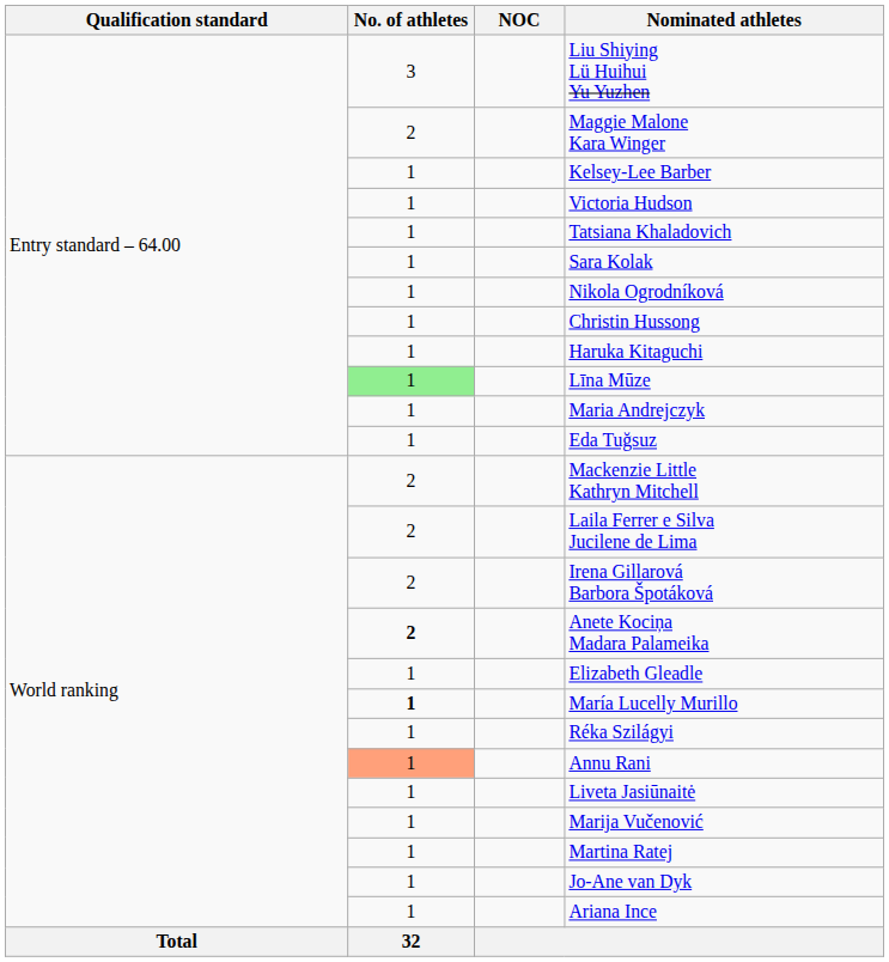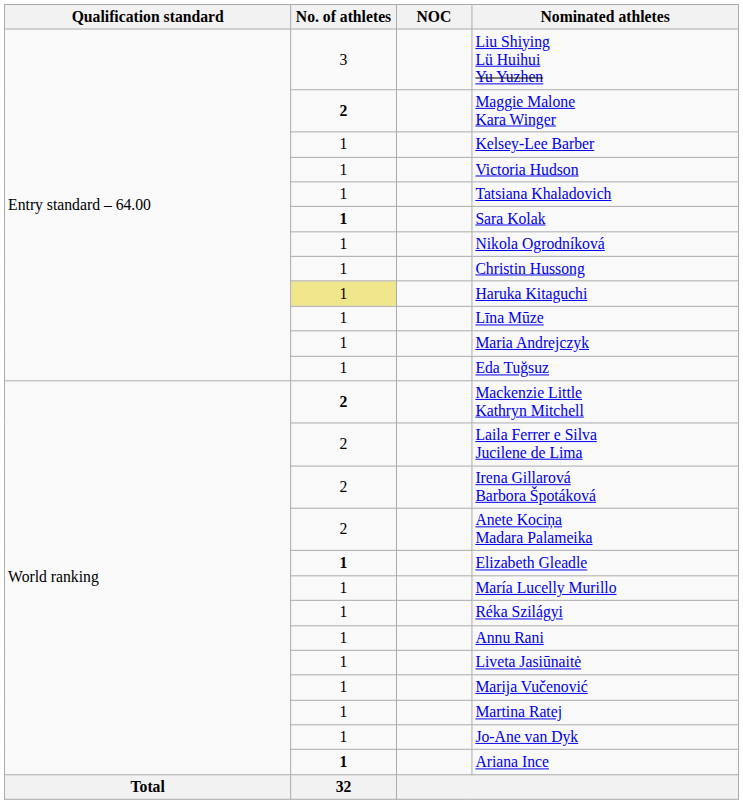 <table class="wikitable" style="text-align:left; width:750px;">
 <tr>
 <th>Qualification standard</th>
 <th width=100>No. of athletes</th>
 <th>NOC</th>
 <th>Nominated athletes</th>
 </tr>
 <tr>
 <td rowspan=12>Entry standard – 64.00</td>
 <td align=center>3</td>
 <td></td>
 <td><a href='#'>Liu Shiying</a><br><a href='#'>Lü Huihui</a><br><s><a href='#'>Yu Yuzhen</a></s></td>
 </tr>
 <tr>
-<td align=center>2</td>
+<td align=center><strong>2</strong></td>
 <td></td>
 <td><a href='#'>Maggie Malone</a><br><a href='#'>Kara Winger</a></td>
 </tr>
 <tr>
 <td align=center>1</td>
 <td></td>
 <td><a href='#'>Kelsey-Lee Barber</a></td>
 </tr>
 <tr>
 <td align=center>1</td>
 <td></td>
 <td><a href='#'>Victoria Hudson</a></td>
 </tr>
 <tr>
 <td align=center>1</td>
 <td></td>
 <td><a href='#'>Tatsiana Khaladovich</a></td>
 </tr>
 <tr>
-<td align=center>1</td>
+<td align=center><strong>1</strong></td>
 <td></td>
 <td><a href='#'>Sara Kolak</a></td>
 </tr>
 <tr>
 <td align=center>1</td>
 <td></td>
 <td><a href='#'>Nikola Ogrodníková</a></td>
 </tr>
 <tr>
 <td align=center>1</td>
 <td></td>
 <td><a href='#'>Christin Hussong</a></td>
 </tr>
 <tr>
-<td align=center>1</td>
+<td align=center style="background: khaki;">1</td>
 <td></td>
 <td><a href='#'>Haruka Kitaguchi</a></td>
 </tr>
 <tr>
-<td align=center style="background: lightgreen;">1</td>
+<td align=center>1</td>
 <td></td>
 <td><a href='#'>Līna Mūze</a></td>
 </tr>
 <tr>
 <td align=center>1</td>
 <td></td>
 <td><a href='#'>Maria Andrejczyk</a></td>
 </tr>
 <tr>
 <td align=center>1</td>
 <td></td>
 <td><a href='#'>Eda Tuğsuz</a></td>
 </tr>
 <tr>
 <td rowspan=13>World ranking</td>
-<td align=center>2</td>
+<td align=center><strong>2</strong></td>
 <td></td>
 <td><a href='#'>Mackenzie Little</a><br><a href='#'>Kathryn Mitchell</a></td>
 </tr>
 <tr>
 <td align=center>2</td>
 <td></td>
 <td><a href='#'>Laila Ferrer e Silva</a><br><a href='#'>Jucilene de Lima</a></td>
 </tr>
 <tr>
 <td align=center>2</td>
 <td></td>
 <td><a href='#'>Irena Gillarová</a><br><a href='#'>Barbora Špotáková</a></td>
 </tr>
 <tr>
-<td align=center><strong>2</strong></td>
+<td align=center>2</td>
 <td></td>
 <td><a href='#'>Anete Kociņa</a><br><a href='#'>Madara Palameika</a></td>
 </tr>
 <tr>
-<td align=center>1</td>
+<td align=center><strong>1</strong></td>
 <td></td>
 <td><a href='#'>Elizabeth Gleadle</a></td>
 </tr>
 <tr>
-<td align=center><strong>1</strong></td>
+<td align=center>1</td>
 <td></td>
 <td><a href='#'>María Lucelly Murillo</a></td>
 </tr>
 <tr>
 <td align=center>1</td>
 <td></td>
 <td><a href='#'>Réka Szilágyi</a></td>
 </tr>
 <tr>
-<td align=center style="background: lightsalmon;">1</td>
+<td align=center>1</td>
 <td></td>
 <td><a href='#'>Annu Rani</a></td>
 </tr>
 <tr>
 <td align=center>1</td>
 <td></td>
 <td><a href='#'>Liveta Jasiūnaitė</a></td>
 </tr>
 <tr>
 <td align=center>1</td>
 <td></td>
 <td><a href='#'>Marija Vučenović</a></td>
 </tr>
 <tr>
 <td align=center>1</td>
 <td></td>
 <td><a href='#'>Martina Ratej</a></td>
 </tr>
 <tr>
 <td align=center>1</td>
 <td></td>
 <td><a href='#'>Jo-Ane van Dyk</a></td>
 </tr>
 <tr>
-<td align=center>1</td>
+<td align=center><strong>1</strong></td>
 <td></td>
 <td><a href='#'>Ariana Ince</a></td>
 </tr>
 <tr>
 <th>Total</th>
 <th>32</th>
 <th colspan=2></th>
 </tr>
 </table>
